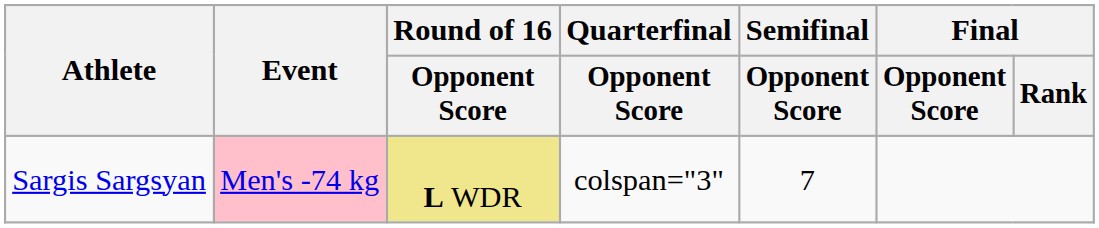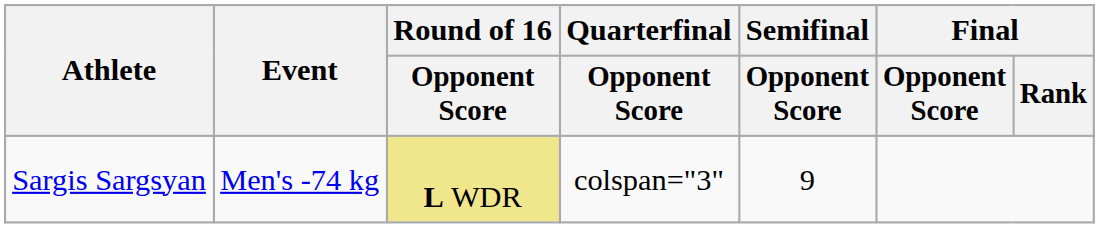 <table class="wikitable" style="text-align:center; font-size:90%">
 <tr>
 <th rowspan="2">Athlete</th>
 <th rowspan="2">Event</th>
 <th>Round of 16</th>
 <th>Quarterfinal</th>
 <th>Semifinal</th>
 <th colspan="2">Final</th>
 </tr>
 <tr style="font-size:95%">
 <th>Opponent<br>Score</th>
 <th>Opponent<br>Score</th>
 <th>Opponent<br>Score</th>
 <th>Opponent<br>Score</th>
 <th>Rank</th>
 </tr>
 <tr>
 <td align="left"><a href='#'>Sargis Sargsyan</a></td>
-<td align="left" style="background: pink;"><a href='#'>Men's -74 kg</a></td>
+<td align="left"><a href='#'>Men's -74 kg</a></td>
 <td style="background: khaki;"><br><strong>L</strong> WDR</td>
 <td>colspan="3" </td>
-<td>7</td>
+<td>9</td>
 </tr>
 </table>
